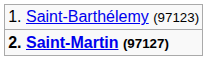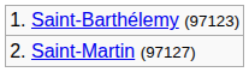 <table class="wikitable">
 <tr>
 <td>1. <a href='#'>Saint-Barthélemy</a> <small>(97123)</small></td>
 </tr>
 <tr>
-<td><strong>2. <a href='#'>Saint-Martin</a> <small>(97127)</small></strong></td>
+<td>2. <a href='#'>Saint-Martin</a> <small>(97127)</small></td>
 </tr>
 </table>
